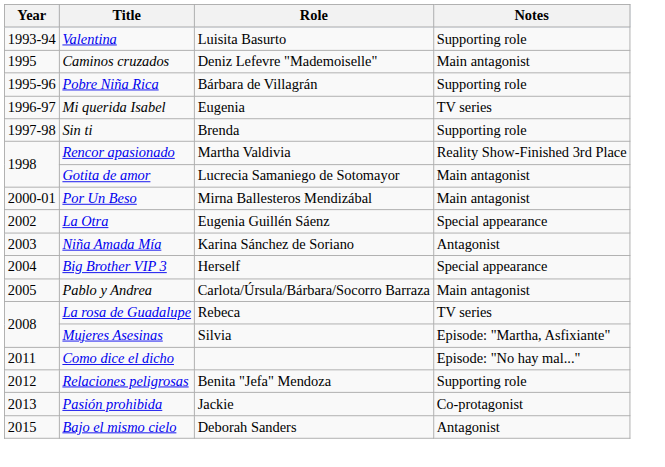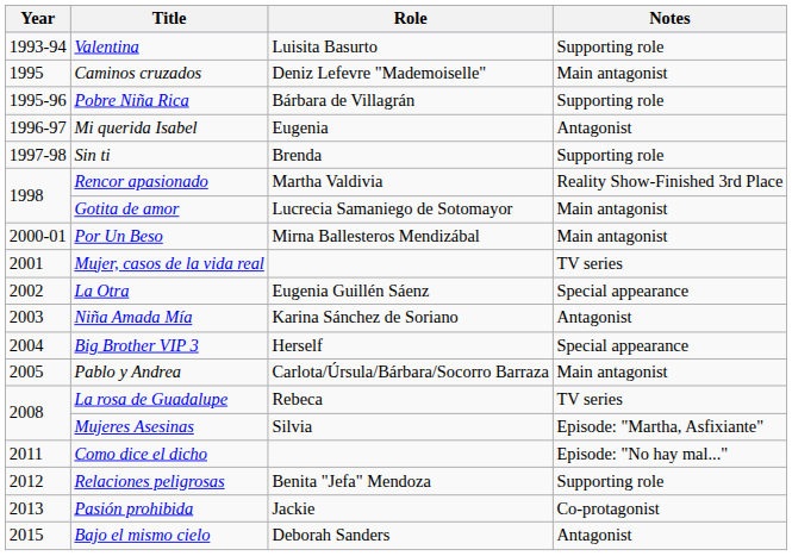 <table class="wikitable">
 <tr style="background:#b0c4de;">
 <th>Year</th>
 <th>Title</th>
 <th>Role</th>
 <th>Notes</th>
 </tr>
 <tr>
 <td>1993-94</td>
 <td><em><a href='#'>Valentina</a></em></td>
 <td>Luisita Basurto</td>
 <td>Supporting role</td>
 </tr>
 <tr>
 <td>1995</td>
 <td><em>Caminos cruzados</em></td>
 <td>Deniz Lefevre "Mademoiselle"</td>
 <td>Main antagonist</td>
 </tr>
 <tr>
 <td>1995-96</td>
 <td><em><a href='#'>Pobre Niña Rica</a></em></td>
 <td>Bárbara de Villagrán</td>
 <td>Supporting role</td>
 </tr>
 <tr>
 <td>1996-97</td>
 <td><em>Mi querida Isabel</em></td>
 <td>Eugenia</td>
-<td>TV series</td>
+<td>Antagonist</td>
 </tr>
 <tr>
 <td>1997-98</td>
 <td><em>Sin ti</em></td>
 <td>Brenda</td>
 <td>Supporting role</td>
 </tr>
 <tr>
 <td rowspan=2>1998</td>
 <td><em><a href='#'>Rencor apasionado</a></em></td>
 <td>Martha Valdivia</td>
 <td>Reality Show-Finished 3rd Place</td>
 </tr>
 <tr>
 <td><em><a href='#'>Gotita de amor</a></em></td>
 <td>Lucrecia Samaniego de Sotomayor</td>
 <td>Main antagonist</td>
 </tr>
 <tr>
 <td>2000-01</td>
 <td><em><a href='#'>Por Un Beso</a></em></td>
 <td>Mirna Ballesteros Mendizábal</td>
 <td>Main antagonist</td>
+</tr>
+<tr>
+<td>2001</td>
+<td><em><a href='#'>Mujer, casos de la vida real</a></em></td>
+<td></td>
+<td>TV series</td>
 </tr>
 <tr>
 <td>2002</td>
 <td><em><a href='#'>La Otra</a></em></td>
 <td>Eugenia Guillén Sáenz</td>
 <td>Special appearance</td>
 </tr>
 <tr>
 <td>2003</td>
 <td><em><a href='#'>Niña Amada Mía</a></em></td>
 <td>Karina Sánchez de Soriano</td>
 <td>Antagonist</td>
 </tr>
 <tr>
 <td>2004</td>
 <td><em><a href='#'>Big Brother VIP 3</a></em></td>
 <td>Herself</td>
 <td>Special appearance</td>
 </tr>
 <tr>
 <td>2005</td>
 <td><em>Pablo y Andrea</em></td>
 <td>Carlota/Úrsula/Bárbara/Socorro Barraza</td>
 <td>Main antagonist</td>
 </tr>
 <tr>
 <td rowspan=2>2008</td>
 <td><em><a href='#'>La rosa de Guadalupe</a></em></td>
 <td>Rebeca</td>
 <td>TV series</td>
 </tr>
 <tr>
 <td><em><a href='#'>Mujeres Asesinas</a></em></td>
 <td>Silvia</td>
 <td>Episode: "Martha, Asfixiante"</td>
 </tr>
 <tr>
 <td>2011</td>
 <td><em><a href='#'>Como dice el dicho</a></em></td>
 <td></td>
 <td>Episode: "No hay mal..."</td>
 </tr>
 <tr>
 <td>2012</td>
 <td><em><a href='#'>Relaciones peligrosas</a></em></td>
 <td>Benita "Jefa" Mendoza</td>
 <td>Supporting role</td>
 </tr>
 <tr>
 <td>2013</td>
 <td><em><a href='#'>Pasión prohibida</a></em></td>
 <td>Jackie</td>
 <td>Co-protagonist</td>
 </tr>
 <tr>
 <td>2015</td>
 <td><em><a href='#'>Bajo el mismo cielo</a></em></td>
 <td>Deborah Sanders</td>
 <td>Antagonist</td>
 </tr>
 </table>
